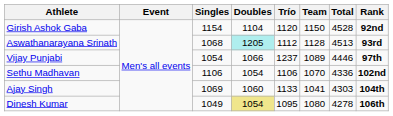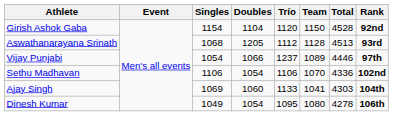 <table class="wikitable" border="1" style="font-size:90%">
 <tr>
 <th>Athlete</th>
 <th>Event</th>
 <th>Singles</th>
 <th>Doubles</th>
 <th>Trío</th>
 <th>Team</th>
 <th>Total</th>
 <th>Rank</th>
 </tr>
 <tr>
 <td><a href='#'>Girish Ashok Gaba</a></td>
 <td rowspan=6><a href='#'>Men's all events</a></td>
 <td align=center>1154</td>
 <td align=center>1104</td>
 <td align=center>1120</td>
 <td align=center>1150</td>
 <td align=center>4528</td>
 <td align=center><strong>92nd</strong></td>
 </tr>
 <tr>
 <td><a href='#'>Aswathanarayana Srinath</a></td>
 <td align=center>1068</td>
-<td align=center style="background: paleturquoise;">1205</td>
+<td align=center>1205</td>
 <td align=center>1112</td>
 <td align=center>1128</td>
 <td align=center>4513</td>
 <td align=center><strong>93rd</strong></td>
 </tr>
 <tr>
 <td><a href='#'>Vijay Punjabi</a></td>
 <td align=center>1054</td>
 <td align=center>1066</td>
 <td align=center>1237</td>
 <td align=center>1089</td>
 <td align=center>4446</td>
 <td align=center><strong>97th</strong></td>
 </tr>
 <tr>
 <td><a href='#'>Sethu Madhavan</a></td>
 <td align=center>1106</td>
 <td align=center>1054</td>
 <td align=center>1106</td>
 <td align=center>1070</td>
 <td align=center>4336</td>
 <td align=center><strong>102nd</strong></td>
 </tr>
 <tr>
 <td><a href='#'>Ajay Singh</a></td>
 <td align=center>1069</td>
 <td align=center>1060</td>
 <td align=center>1133</td>
 <td align=center>1041</td>
 <td align=center>4303</td>
 <td align=center><strong>104th</strong></td>
 </tr>
 <tr>
 <td><a href='#'>Dinesh Kumar</a></td>
 <td align=center>1049</td>
-<td align=center style="background: khaki;">1054</td>
+<td align=center>1054</td>
 <td align=center>1095</td>
 <td align=center>1080</td>
 <td align=center>4278</td>
 <td align=center><strong>106th</strong></td>
 </tr>
 </table>
